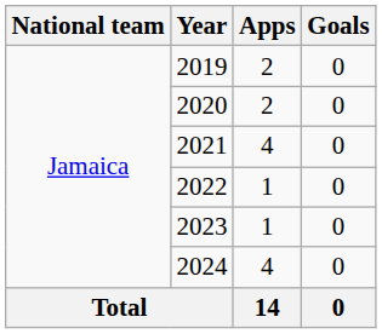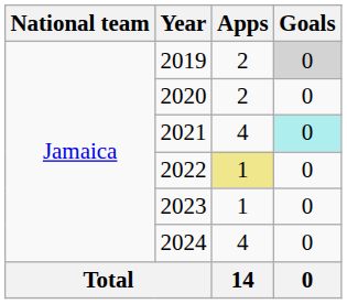 <table class="wikitable" style="text-align:center">
 <tr>
 <th>National team</th>
 <th>Year</th>
 <th>Apps</th>
 <th>Goals</th>
 </tr>
 <tr>
 <td rowspan=6><a href='#'>Jamaica</a></td>
 <td>2019</td>
 <td>2</td>
-<td>0</td>
+<td style="background: lightgrey;">0</td>
 </tr>
 <tr>
 <td>2020</td>
 <td>2</td>
 <td>0</td>
 </tr>
 <tr>
 <td>2021</td>
 <td>4</td>
-<td>0</td>
+<td style="background: paleturquoise;">0</td>
 </tr>
 <tr>
 <td>2022</td>
-<td>1</td>
+<td style="background: khaki;">1</td>
 <td>0</td>
 </tr>
 <tr>
 <td>2023</td>
 <td>1</td>
 <td>0</td>
 </tr>
 <tr>
 <td>2024</td>
 <td>4</td>
 <td>0</td>
 </tr>
 <tr>
 <th colspan=2>Total</th>
 <th>14</th>
 <th>0</th>
 </tr>
 </table>
